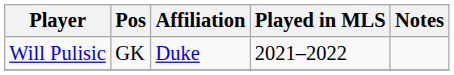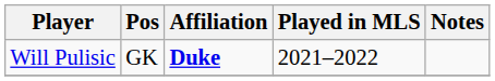 <table class="wikitable sortable">
 <tr>
 <th>Player</th>
 <th>Pos</th>
 <th>Affiliation</th>
 <th>Played in MLS</th>
 <th>Notes</th>
 </tr>
 <tr>
 <td><a href='#'>Will Pulisic</a></td>
 <td>GK</td>
-<td><a href='#'>Duke</a></td>
+<td><strong><a href='#'>Duke</a></strong></td>
 <td>2021–2022</td>
 <td></td>
 </tr>
 <tr>
 </tr>
 </table>
